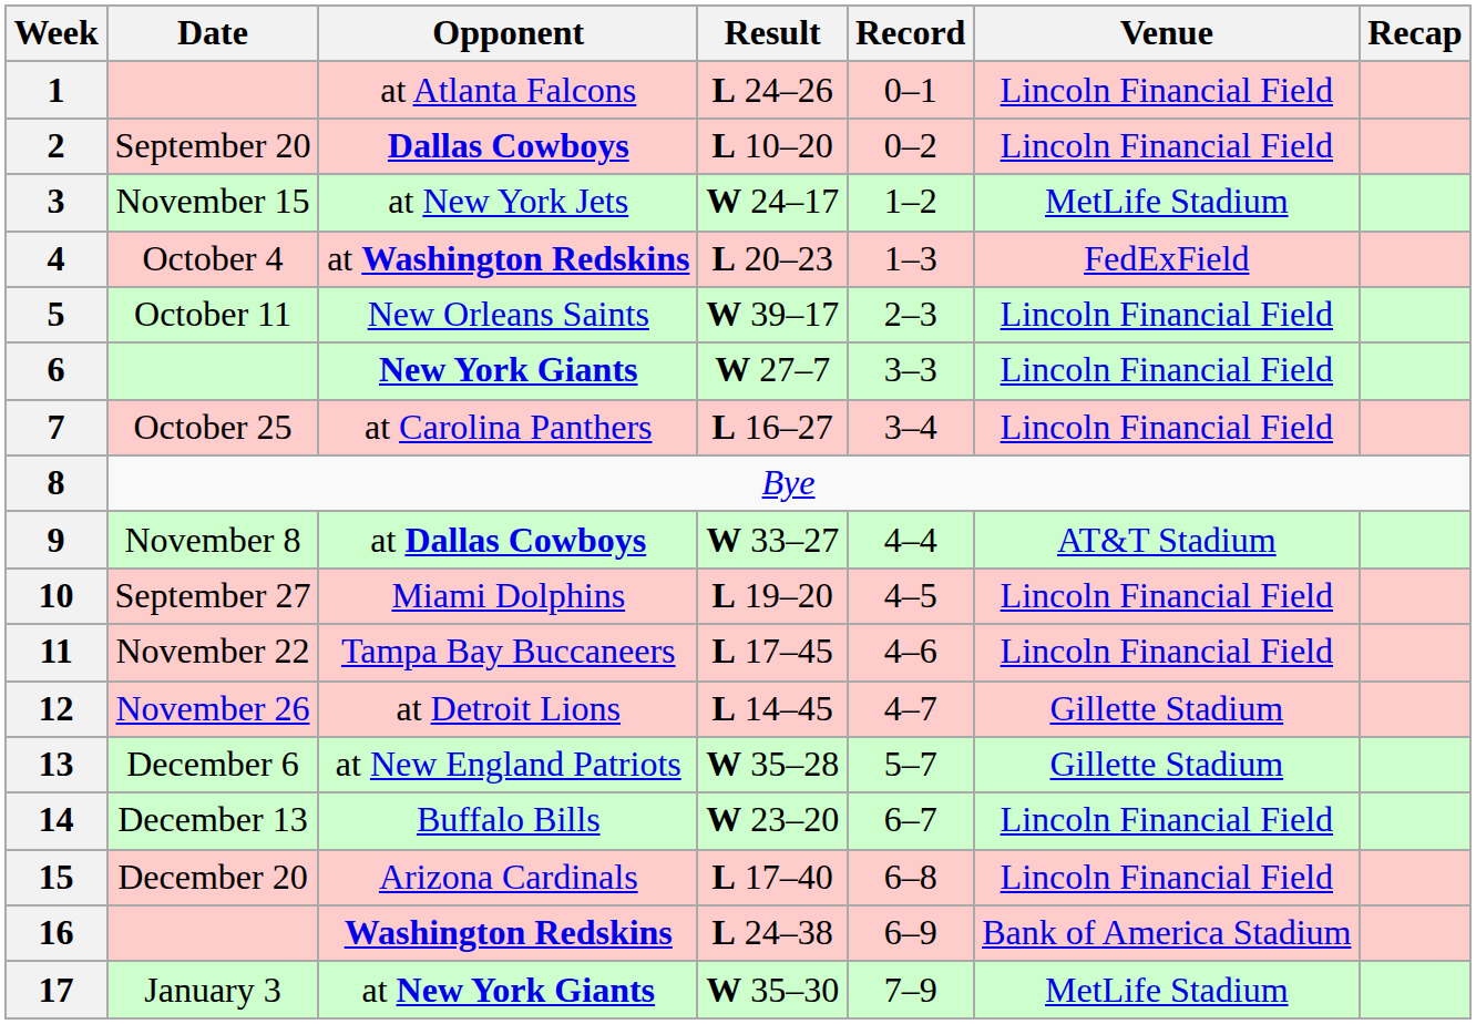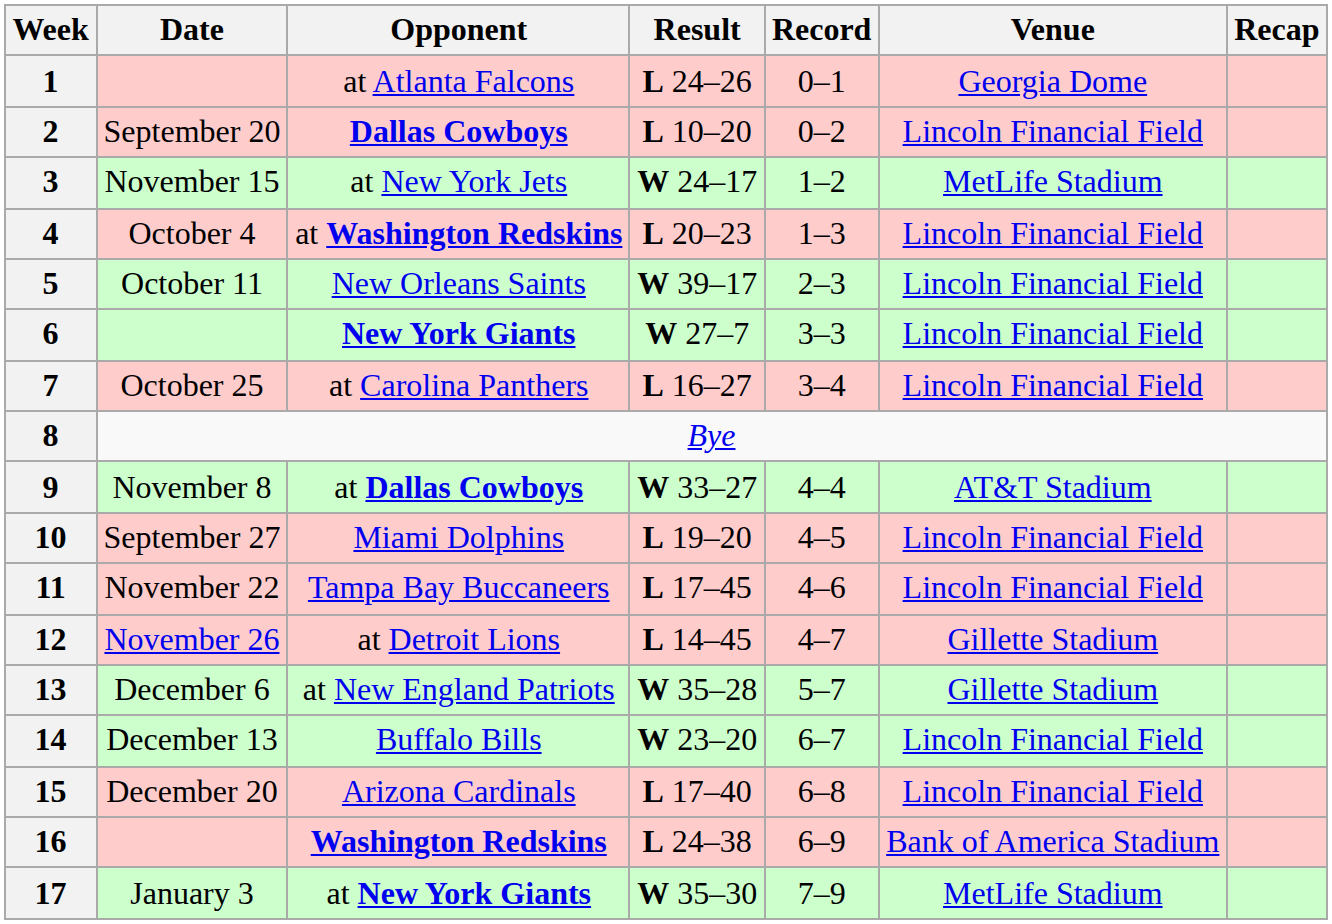 <table class="wikitable" style="text-align:center">
 <tr>
 <th>Week</th>
 <th>Date</th>
 <th>Opponent</th>
 <th>Result</th>
 <th>Record</th>
 <th>Venue</th>
 <th>Recap</th>
 </tr>
 <tr style="background:#fcc">
 <th>1</th>
 <td></td>
 <td>at <a href='#'>Atlanta Falcons</a></td>
 <td><strong>L</strong> 24–26</td>
 <td>0–1</td>
-<td><a href='#'>Lincoln Financial Field</a></td>
+<td><a href='#'>Georgia Dome</a></td>
 <td></td>
 </tr>
 <tr style="background:#fcc">
 <th>2</th>
 <td>September 20</td>
 <td><strong><a href='#'>Dallas Cowboys</a></strong></td>
 <td><strong>L</strong> 10–20</td>
 <td>0–2</td>
 <td><a href='#'>Lincoln Financial Field</a></td>
 <td></td>
 </tr>
 <tr style="background:#cfc">
 <th>3</th>
 <td>November 15</td>
 <td>at <a href='#'>New York Jets</a></td>
 <td><strong>W</strong> 24–17</td>
 <td>1–2</td>
 <td><a href='#'>MetLife Stadium</a></td>
 <td></td>
 </tr>
 <tr style="background:#fcc">
 <th>4</th>
 <td>October 4</td>
 <td>at <strong><a href='#'>Washington Redskins</a></strong></td>
 <td><strong>L</strong> 20–23</td>
 <td>1–3</td>
-<td><a href='#'>FedExField</a></td>
+<td><a href='#'>Lincoln Financial Field</a></td>
 <td></td>
 </tr>
 <tr style="background:#cfc">
 <th>5</th>
 <td>October 11</td>
 <td><a href='#'>New Orleans Saints</a></td>
 <td><strong>W</strong> 39–17</td>
 <td>2–3</td>
 <td><a href='#'>Lincoln Financial Field</a></td>
 <td></td>
 </tr>
 <tr style="background:#cfc">
 <th>6</th>
 <td></td>
 <td><strong><a href='#'>New York Giants</a></strong></td>
 <td><strong>W</strong> 27–7</td>
 <td>3–3</td>
 <td><a href='#'>Lincoln Financial Field</a></td>
 <td></td>
 </tr>
 <tr style="background:#fcc">
 <th>7</th>
 <td>October 25</td>
 <td>at <a href='#'>Carolina Panthers</a></td>
 <td><strong>L</strong> 16–27</td>
 <td>3–4</td>
 <td><a href='#'>Lincoln Financial Field</a></td>
 <td></td>
 </tr>
 <tr>
 <th>8</th>
 <td colspan="6"><em><a href='#'>Bye</a></em></td>
 </tr>
 <tr style="background:#cfc">
 <th>9</th>
 <td>November 8</td>
 <td>at <strong><a href='#'>Dallas Cowboys</a></strong></td>
 <td><strong>W</strong> 33–27 </td>
 <td>4–4</td>
 <td><a href='#'>AT&T Stadium</a></td>
 <td></td>
 </tr>
 <tr style="background:#fcc">
 <th>10</th>
 <td>September 27</td>
 <td><a href='#'>Miami Dolphins</a></td>
 <td><strong>L</strong> 19–20</td>
 <td>4–5</td>
 <td><a href='#'>Lincoln Financial Field</a></td>
 <td></td>
 </tr>
 <tr style="background:#fcc">
 <th>11</th>
 <td>November 22</td>
 <td><a href='#'>Tampa Bay Buccaneers</a></td>
 <td><strong>L</strong> 17–45</td>
 <td>4–6</td>
 <td><a href='#'>Lincoln Financial Field</a></td>
 <td></td>
 </tr>
 <tr style="background:#fcc">
 <th>12</th>
 <td><a href='#'>November 26</a></td>
 <td>at <a href='#'>Detroit Lions</a></td>
 <td><strong>L</strong> 14–45</td>
 <td>4–7</td>
 <td><a href='#'>Gillette Stadium</a></td>
 <td></td>
 </tr>
 <tr style="background:#cfc">
 <th>13</th>
 <td>December 6</td>
 <td>at <a href='#'>New England Patriots</a></td>
 <td><strong>W</strong> 35–28</td>
 <td>5–7</td>
 <td><a href='#'>Gillette Stadium</a></td>
 <td></td>
 </tr>
 <tr style="background:#cfc">
 <th>14</th>
 <td>December 13</td>
 <td><a href='#'>Buffalo Bills</a></td>
 <td><strong>W</strong> 23–20</td>
 <td>6–7</td>
 <td><a href='#'>Lincoln Financial Field</a></td>
 <td></td>
 </tr>
 <tr style="background:#fcc">
 <th>15</th>
 <td>December 20</td>
 <td><a href='#'>Arizona Cardinals</a></td>
 <td><strong>L</strong> 17–40</td>
 <td>6–8</td>
 <td><a href='#'>Lincoln Financial Field</a></td>
 <td></td>
 </tr>
 <tr style="background:#fcc">
 <th>16</th>
 <td></td>
 <td><strong><a href='#'>Washington Redskins</a></strong></td>
 <td><strong>L</strong> 24–38</td>
 <td>6–9</td>
 <td><a href='#'>Bank of America Stadium</a></td>
 <td></td>
 </tr>
 <tr style="background:#cfc">
 <th>17</th>
 <td>January 3</td>
 <td>at <strong><a href='#'>New York Giants</a></strong></td>
 <td><strong>W</strong> 35–30</td>
 <td>7–9</td>
 <td><a href='#'>MetLife Stadium</a></td>
 <td></td>
 </tr>
 </table>
